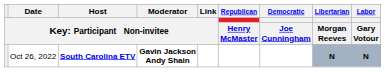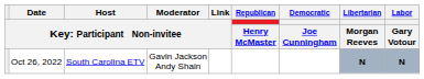 <table class="wikitable mw-collapsible"  style="text-align:center;">
 <tr style="font-size:small;">
 <th scope="col"></th>
 <th scope="col">Date</th>
 <th scope="col">Host</th>
 <th scope="col">Moderator</th>
 <th scope="col">Link</th>
 <th scope="col"><small><a href='#'>Republican</a></small></th>
 <th scope="col"><small><a href='#'>Democratic</a></small></th>
 <th scope="col"><small><a href='#'>Libertarian</a></small></th>
 <th scope="col"><small><a href='#'>Labor</a></small></th>
 </tr>
 <tr>
 <th colspan="5" rowspan="2">Key:  <small>Participant  </small> <small>Non-invitee  </small></th>
 <th scope="col" style="background:#E81B23;"></th>
 <th scope="col" style="background:"></th>
 <th scope="col" style="background:"></th>
 <th scope="col" style="background:"></th>
 </tr>
 <tr style="font-size:small;">
 <th scope="col"><a href='#'>Henry McMaster</a></th>
 <th scope="col"><a href='#'>Joe Cunningham</a></th>
 <th scope="col">Morgan Reeves</th>
 <th scope="col">Gary Votour</th>
 </tr>
 <tr style="background:#FFFFFF;font-size:small;">
 <th scope="row"></th>
 <td style="white-space:nowrap;">Oct 26, 2022</td>
-<td style="white-space:nowrap;"><strong><a href='#'>South Carolina ETV</a></strong></td>
-<td style="white-space:nowrap;"><strong>Gavin Jackson<br>Andy Shain</strong></td>
+<td style="white-space:nowrap;"><a href='#'>South Carolina ETV</a></td>
+<td style="white-space:nowrap;">Gavin Jackson<br>Andy Shain</td>
 <td style="white-space:nowrap;"></td>
 <td></td>
 <td></td>
 <td style="background:#A2B2C2; color:black; text-align:center;"><strong>N</strong></td>
 <td style="background:#A2B2C2; color:black; text-align:center;"><strong>N</strong></td>
 </tr>
 </table>
